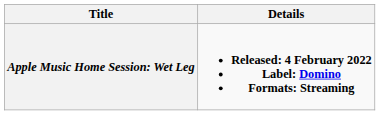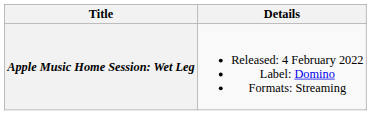 <table class="wikitable plainrowheaders" style="text-align:center;">
 <tr>
 <th scope="col" rowspan="1">Title</th>
 <th scope="col" rowspan="1">Details</th>
 </tr>
 <tr>
 <th scope="row"><em>Apple Music Home Session: Wet Leg</em></th>
-<td><strong><br><ul><li>Released: 4 February 2022</li><li>Label: <a href='#'>Domino</a></li><li>Formats: Streaming</li></ul></strong></td>
+<td><br><ul><li>Released: 4 February 2022</li><li>Label: <a href='#'>Domino</a></li><li>Formats: Streaming</li></ul></td>
 </tr>
 </table>
